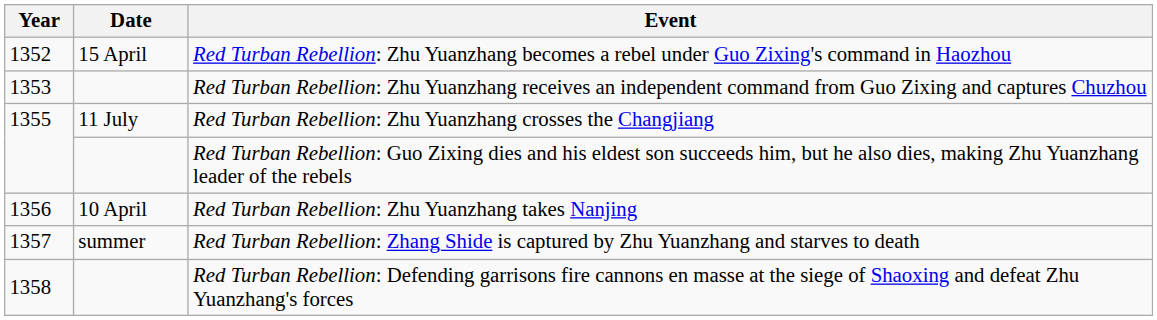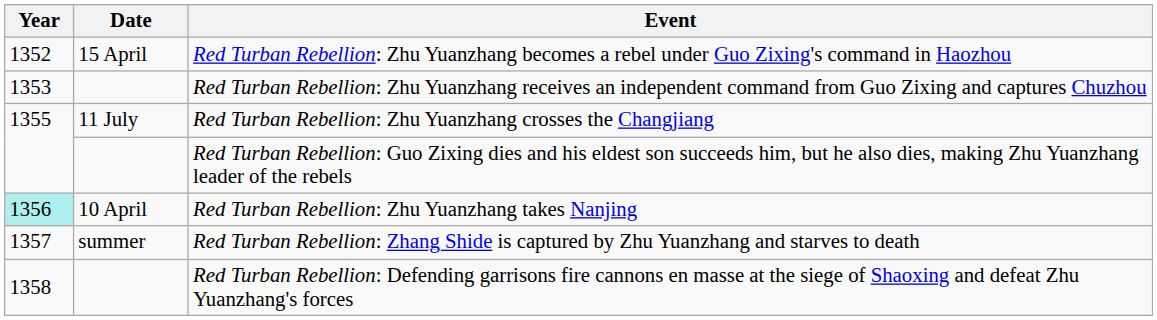 <table class="wikitable" width="100%">
 <tr>
 <th style="width:6%">Year</th>
 <th style="width:10%">Date</th>
 <th>Event</th>
 </tr>
 <tr>
 <td>1352</td>
 <td>15 April</td>
 <td><em><a href='#'>Red Turban Rebellion</a></em>: Zhu Yuanzhang becomes a rebel under <a href='#'>Guo Zixing</a>'s command in <a href='#'>Haozhou</a></td>
 </tr>
 <tr>
 <td>1353</td>
 <td></td>
 <td><em>Red Turban Rebellion</em>: Zhu Yuanzhang receives an independent command from Guo Zixing and captures <a href='#'>Chuzhou</a></td>
 </tr>
 <tr>
 <td rowspan="2" valign="top">1355</td>
 <td>11 July</td>
 <td><em>Red Turban Rebellion</em>: Zhu Yuanzhang crosses the <a href='#'>Changjiang</a></td>
 </tr>
 <tr>
 <td></td>
 <td><em>Red Turban Rebellion</em>: Guo Zixing dies and his eldest son succeeds him, but he also dies, making Zhu Yuanzhang leader of the rebels</td>
 </tr>
 <tr>
-<td>1356</td>
+<td style="background: paleturquoise;">1356</td>
 <td>10 April</td>
 <td><em>Red Turban Rebellion</em>: Zhu Yuanzhang takes <a href='#'>Nanjing</a></td>
 </tr>
 <tr>
 <td>1357</td>
 <td>summer</td>
 <td><em>Red Turban Rebellion</em>: <a href='#'>Zhang Shide</a> is captured by Zhu Yuanzhang and starves to death</td>
 </tr>
 <tr>
 <td>1358</td>
 <td></td>
 <td><em>Red Turban Rebellion</em>: Defending garrisons fire cannons en masse at the siege of <a href='#'>Shaoxing</a> and defeat Zhu Yuanzhang's forces</td>
 </tr>
 </table>
